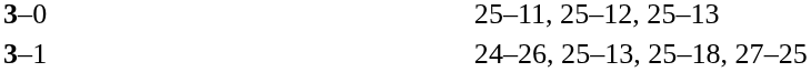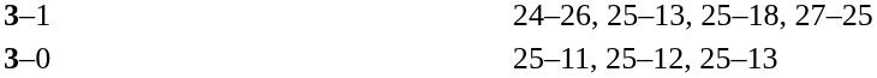 <table>
 <tr>
 <th width=200></th>
 <th width=80></th>
 <th width=200></th>
 <th width=220></th>
 </tr>
 <tr>
 <td align=right><strong></strong></td>
+<td align=center><strong>3</strong>–1</td>
+<td></td>
+<td>24–26, 25–13, 25–18, 27–25</td>
+</tr>
+<tr>
+<td align=right><strong></strong></td>
 <td align=center><strong>3</strong>–0</td>
 <td></td>
 <td>25–11, 25–12, 25–13</td>
 </tr>
-<tr>
-<td align=right><strong></strong></td>
-<td align=center><strong>3</strong>–1</td>
-<td></td>
-<td>24–26, 25–13, 25–18, 27–25</td>
-</tr>
 </table>
